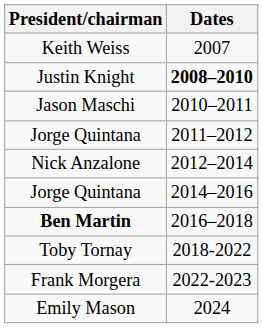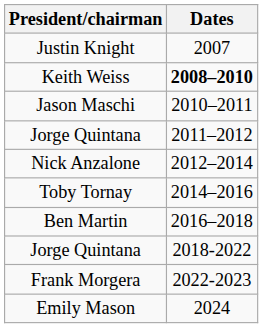 <table class="wikitable" style="text-align:center">
 <tr>
 <th>President/chairman</th>
 <th>Dates</th>
 </tr>
 <tr>
-<td>Keith Weiss</td>
+<td>Justin Knight</td>
 <td>2007</td>
 </tr>
 <tr>
-<td>Justin Knight</td>
+<td>Keith Weiss</td>
 <td><strong>2008–2010</strong></td>
 </tr>
 <tr>
 <td>Jason Maschi</td>
 <td>2010–2011</td>
 </tr>
 <tr>
 <td>Jorge Quintana</td>
 <td>2011–2012</td>
 </tr>
 <tr>
 <td>Nick Anzalone</td>
 <td>2012–2014</td>
 </tr>
 <tr>
-<td>Jorge Quintana</td>
+<td>Toby Tornay</td>
 <td>2014–2016</td>
 </tr>
 <tr>
-<td><strong>Ben Martin</strong></td>
+<td>Ben Martin</td>
 <td>2016–2018</td>
 </tr>
 <tr>
-<td>Toby Tornay</td>
+<td>Jorge Quintana</td>
 <td>2018-2022</td>
 </tr>
 <tr>
 <td>Frank Morgera</td>
 <td>2022-2023</td>
 </tr>
 <tr>
 <td>Emily Mason</td>
 <td>2024</td>
 </tr>
 </table>
